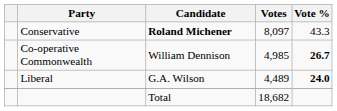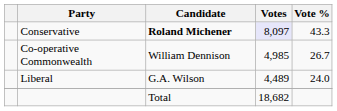 <table class="wikitable">
 <tr>
 <th></th>
 <th scope="col" width="175">Party</th>
 <th scope="col" width="150">Candidate</th>
 <th>Votes</th>
 <th>Vote %</th>
 </tr>
 <tr>
 <td>   </td>
 <td>Conservative</td>
 <td><strong>Roland Michener</strong></td>
-<td align=right>8,097</td>
+<td align=right style="background: lavender;">8,097</td>
 <td align=right>43.3</td>
 </tr>
 <tr |>
 <td>   </td>
 <td>Co-operative Commonwealth</td>
 <td>William Dennison</td>
 <td align=right>4,985</td>
-<td align=right><strong>26.7</strong></td>
+<td align=right>26.7</td>
 </tr>
 <tr |>
 <td>   </td>
 <td>Liberal</td>
 <td>G.A. Wilson</td>
 <td align=right>4,489</td>
-<td align=right><strong>24.0</strong></td>
+<td align=right>24.0</td>
 </tr>
 <tr |>
 </tr>
 <tr |>
 <td></td>
 <td></td>
 <td>Total</td>
 <td align=right>18,682</td>
 <td></td>
 </tr>
 </table>
